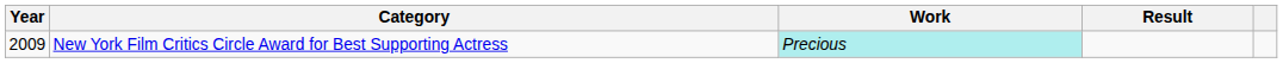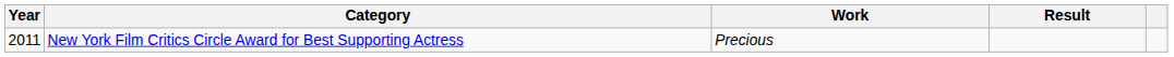 <table class="wikitable">
 <tr>
 <th scope="col" style="width:1em;">Year</th>
 <th scope="col" style="width:44em;">Category</th>
 <th scope="col" style="width:18em;">Work</th>
 <th scope="col" style="width:10em;">Result</th>
 <th class="unsortable" style="width:1em;"></th>
 </tr>
 <tr>
-<td>2009</td>
+<td>2011</td>
 <td><a href='#'>New York Film Critics Circle Award for Best Supporting Actress</a></td>
-<td style="background: paleturquoise;"><em>Precious</em></td>
+<td><em>Precious</em></td>
 <td></td>
 <td></td>
 </tr>
 </table>
